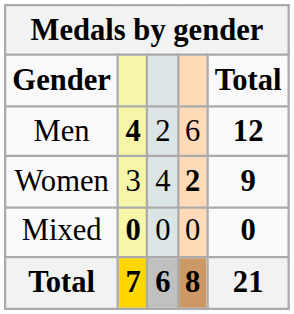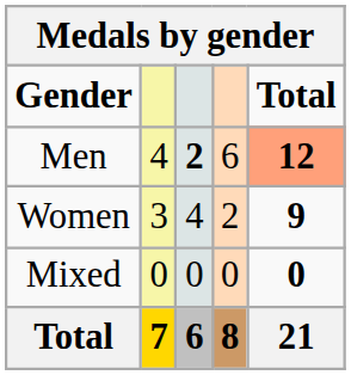 <table class="wikitable" style="font-size:85%">
 <tr style="background:#efefef;">
 <th colspan=7><strong>Medals by gender</strong></th>
 </tr>
 <tr align=center>
 <td><strong>Gender</strong></td>
 <td bgcolor=#f7f6a8></td>
 <td bgcolor=#dce5e5></td>
 <td bgcolor=#ffdab9></td>
 <td><strong>Total</strong></td>
 </tr>
 <tr align=center>
 <td>Men</td>
-<td style="background:#F7F6A8;"><strong>4</strong></td>
-<td style="background:#DCE5E5;">2</td>
+<td style="background:#F7F6A8;">4</td>
+<td style="background:#DCE5E5;"><strong>2</strong></td>
 <td style="background:#FFDAB9;">6</td>
-<td><strong>12</strong></td>
+<td style="background: lightsalmon;"><strong>12</strong></td>
 </tr>
 <tr align=center>
 <td>Women</td>
 <td style="background:#F7F6A8;">3</td>
 <td style="background:#DCE5E5;">4</td>
-<td style="background:#FFDAB9;"><strong>2</strong></td>
+<td style="background:#FFDAB9;">2</td>
 <td><strong>9</strong></td>
 </tr>
 <tr align=center>
 <td>Mixed</td>
-<td style="background:#F7F6A8;"><strong>0</strong></td>
+<td style="background:#F7F6A8;">0</td>
 <td style="background:#DCE5E5;">0</td>
 <td style="background:#FFDAB9;">0</td>
 <td><strong>0</strong></td>
 </tr>
 <tr align=center>
 <th><strong>Total</strong></th>
 <th style="background:gold;"><strong>7</strong></th>
 <th style="background:silver;"><strong>6</strong></th>
 <th style="background:#c96;"><strong>8</strong></th>
 <th><strong>21</strong></th>
 </tr>
 </table>
